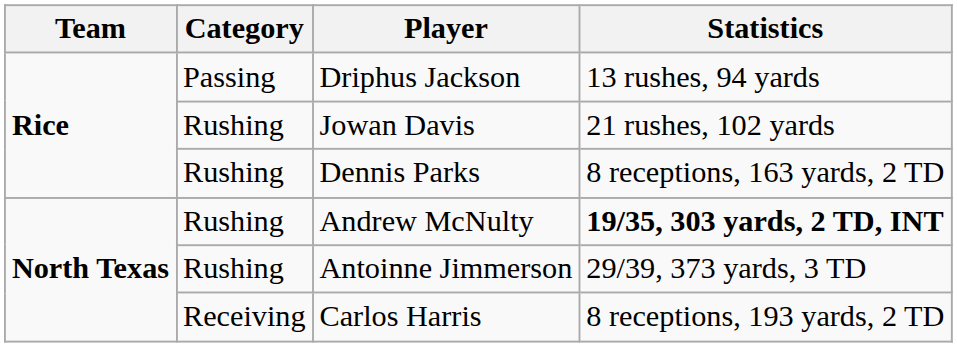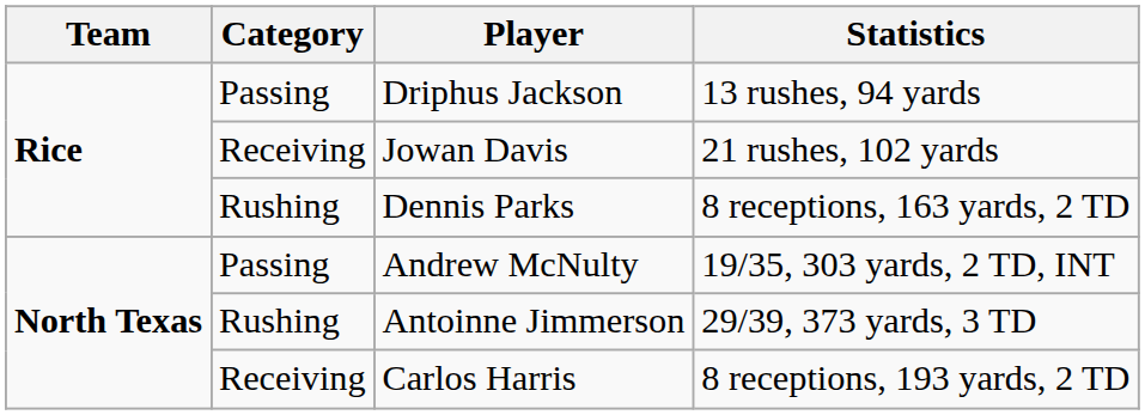 <table class="wikitable" style="float: left;">
 <tr>
 <th>Team</th>
 <th>Category</th>
 <th>Player</th>
 <th>Statistics</th>
 </tr>
 <tr>
 <td rowspan=3><strong>Rice</strong></td>
 <td>Passing</td>
 <td>Driphus Jackson</td>
 <td>13 rushes, 94 yards</td>
 </tr>
 <tr>
-<td>Rushing</td>
+<td>Receiving</td>
 <td>Jowan Davis</td>
 <td>21 rushes, 102 yards</td>
 </tr>
 <tr>
 <td>Rushing</td>
 <td>Dennis Parks</td>
 <td>8 receptions, 163 yards, 2 TD</td>
 </tr>
 <tr>
 <td rowspan=3><strong>North Texas</strong></td>
-<td>Rushing</td>
+<td>Passing</td>
 <td>Andrew McNulty</td>
-<td><strong>19/35, 303 yards, 2 TD, INT</strong></td>
+<td>19/35, 303 yards, 2 TD, INT</td>
 </tr>
 <tr>
 <td>Rushing</td>
 <td>Antoinne Jimmerson</td>
 <td>29/39, 373 yards, 3 TD</td>
 </tr>
 <tr>
 <td>Receiving</td>
 <td>Carlos Harris</td>
 <td>8 receptions, 193 yards, 2 TD</td>
 </tr>
 </table>
